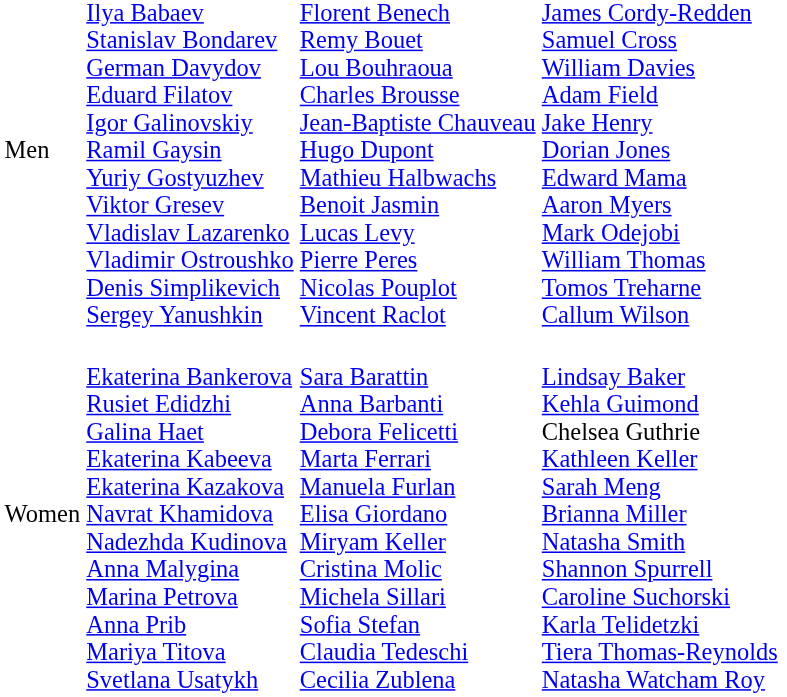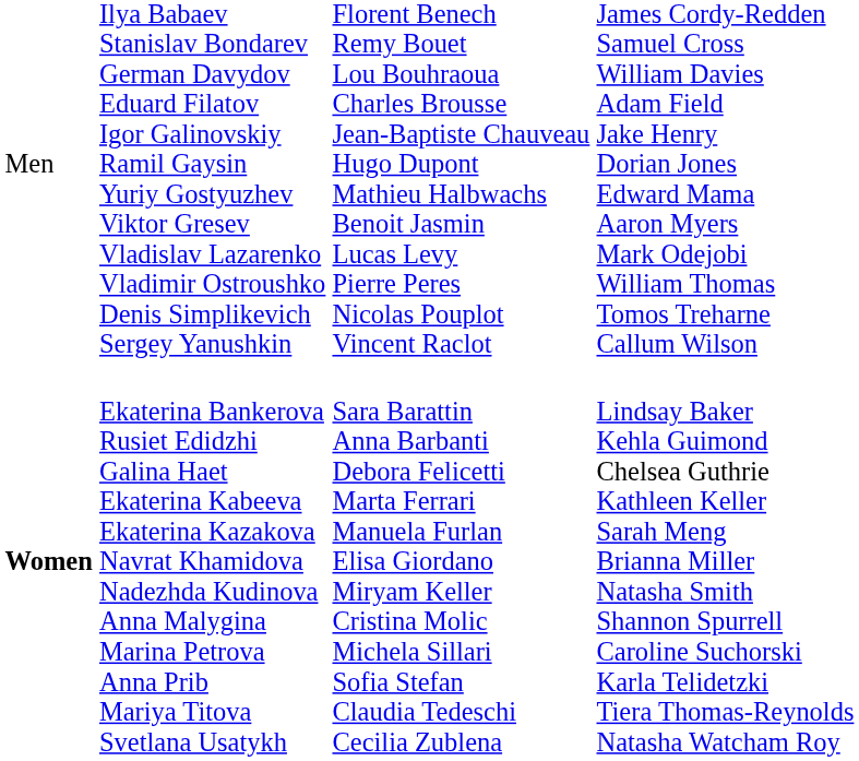 <table>
 <tr>
 <td>Men<br></td>
 <td><br><a href='#'>Ilya Babaev</a><br> <a href='#'>Stanislav Bondarev</a><br> <a href='#'>German Davydov</a><br> <a href='#'>Eduard Filatov</a><br> <a href='#'>Igor Galinovskiy</a><br> <a href='#'>Ramil Gaysin</a><br> <a href='#'>Yuriy Gostyuzhev</a><br> <a href='#'>Viktor Gresev</a><br> <a href='#'>Vladislav Lazarenko</a><br> <a href='#'>Vladimir Ostroushko</a><br> <a href='#'>Denis Simplikevich</a><br> <a href='#'>Sergey Yanushkin</a></td>
 <td><br><a href='#'>Florent Benech</a><br> <a href='#'>Remy Bouet</a><br> <a href='#'>Lou Bouhraoua</a><br> <a href='#'>Charles Brousse</a><br> <a href='#'>Jean-Baptiste Chauveau</a><br> <a href='#'>Hugo Dupont</a><br> <a href='#'>Mathieu Halbwachs</a><br> <a href='#'>Benoit Jasmin</a><br> <a href='#'>Lucas Levy</a><br> <a href='#'>Pierre Peres</a><br> <a href='#'>Nicolas Pouplot</a><br> <a href='#'>Vincent Raclot</a></td>
 <td><br><a href='#'>James Cordy-Redden</a><br> <a href='#'>Samuel Cross</a><br> <a href='#'>William Davies</a><br> <a href='#'>Adam Field</a><br> <a href='#'>Jake Henry</a><br> <a href='#'>Dorian Jones</a><br> <a href='#'>Edward Mama</a><br> <a href='#'>Aaron Myers</a><br> <a href='#'>Mark Odejobi</a><br> <a href='#'>William Thomas</a><br> <a href='#'>Tomos Treharne</a><br> <a href='#'>Callum Wilson</a></td>
 </tr>
 <tr>
-<td>Women<br></td>
+<td><strong>Women<br></strong></td>
 <td><br><a href='#'>Ekaterina Bankerova</a><br> <a href='#'>Rusiet Edidzhi</a><br> <a href='#'>Galina Haet</a><br> <a href='#'>Ekaterina Kabeeva</a><br> <a href='#'>Ekaterina Kazakova</a><br> <a href='#'>Navrat Khamidova</a><br> <a href='#'>Nadezhda Kudinova</a><br> <a href='#'>Anna Malygina</a><br> <a href='#'>Marina Petrova</a><br> <a href='#'>Anna Prib</a><br> <a href='#'>Mariya Titova</a><br> <a href='#'>Svetlana Usatykh</a></td>
 <td><br><a href='#'>Sara Barattin</a><br> <a href='#'>Anna Barbanti</a><br> <a href='#'>Debora Felicetti</a><br> <a href='#'>Marta Ferrari</a><br> <a href='#'>Manuela Furlan</a><br> <a href='#'>Elisa Giordano</a><br> <a href='#'>Miryam Keller</a><br> <a href='#'>Cristina Molic</a><br> <a href='#'>Michela Sillari</a><br> <a href='#'>Sofia Stefan</a><br> <a href='#'>Claudia Tedeschi</a><br> <a href='#'>Cecilia Zublena</a></td>
 <td><br><a href='#'>Lindsay Baker</a><br> <a href='#'>Kehla Guimond</a><br> Chelsea Guthrie<br> <a href='#'>Kathleen Keller</a><br> <a href='#'>Sarah Meng</a><br> <a href='#'>Brianna Miller</a><br> <a href='#'>Natasha Smith</a><br> <a href='#'>Shannon Spurrell</a><br> <a href='#'>Caroline Suchorski</a><br> <a href='#'>Karla Telidetzki</a><br> <a href='#'>Tiera Thomas-Reynolds</a><br> <a href='#'>Natasha Watcham Roy</a></td>
 </tr>
 </table>
